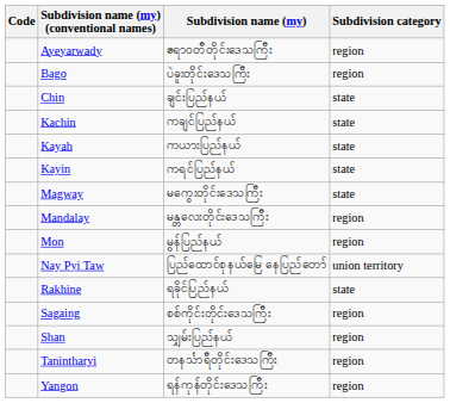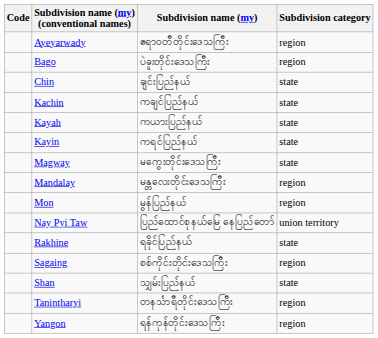 <table class="wikitable sortable">
 <tr>
 <th>Code</th>
 <th>Subdivision name (<a href='#'>my</a>)<br>(conventional names)</th>
 <th>Subdivision name (<a href='#'>my</a>) </th>
 <th>Subdivision category</th>
 </tr>
 <tr>
 <td></td>
 <td><a href='#'>Ayeyarwady</a></td>
 <td>ဧရာဝတီတိုင်းဒေသကြီး</td>
 <td>region</td>
 </tr>
 <tr>
 <td></td>
 <td><a href='#'>Bago</a></td>
 <td>ပဲခူးတိုင်းဒေသကြီး</td>
 <td>region</td>
 </tr>
 <tr>
 <td></td>
 <td><a href='#'>Chin</a></td>
 <td>ချင်းပြည်နယ်</td>
 <td>state</td>
 </tr>
 <tr>
 <td></td>
 <td><a href='#'>Kachin</a></td>
 <td>ကချင်ပြည်နယ်</td>
 <td>state</td>
 </tr>
 <tr>
 <td></td>
 <td><a href='#'>Kayah</a></td>
 <td>ကယားပြည်နယ်</td>
 <td>state</td>
 </tr>
 <tr>
 <td></td>
 <td><a href='#'>Kayin</a></td>
 <td>ကရင်ပြည်နယ်</td>
 <td>state</td>
 </tr>
 <tr>
 <td></td>
 <td><a href='#'>Magway</a></td>
 <td>မကွေးတိုင်းဒေသကြီး</td>
 <td>state</td>
 </tr>
 <tr>
 <td></td>
 <td><a href='#'>Mandalay</a></td>
 <td>မန္တလေးတိုင်းဒေသကြီး</td>
 <td>region</td>
 </tr>
 <tr>
 <td></td>
 <td><a href='#'>Mon</a></td>
 <td>မွန်ပြည်နယ်</td>
 <td>region</td>
 </tr>
 <tr>
 <td></td>
 <td><a href='#'>Nay Pyi Taw</a></td>
 <td>ပြည်‌ထောင်စုနယ်မြေ နေပြည်တော်</td>
 <td>union territory</td>
 </tr>
 <tr>
 <td></td>
 <td><a href='#'>Rakhine</a></td>
 <td>ရခိုင်ပြည်နယ်</td>
 <td>state</td>
 </tr>
 <tr>
 <td></td>
 <td><a href='#'>Sagaing</a></td>
 <td>စစ်ကိုင်းတိုင်းဒေသကြီး</td>
 <td>region</td>
 </tr>
 <tr>
 <td></td>
 <td><a href='#'>Shan</a></td>
 <td>သျှမ်းပြည်နယ်</td>
-<td>region</td>
+<td>state</td>
 </tr>
 <tr>
 <td></td>
 <td><a href='#'>Tanintharyi</a></td>
 <td>တနင်္သာရီတိုင်းဒေသကြီး</td>
 <td>region</td>
 </tr>
 <tr>
 <td></td>
 <td><a href='#'>Yangon</a></td>
 <td>ရန်ကုန်တိုင်းဒေသကြီး</td>
 <td>region</td>
 </tr>
 </table>
